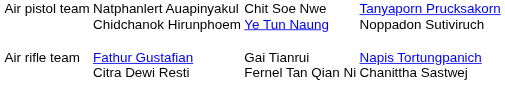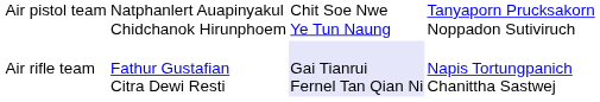 <table>
 <tr>
 <td>Air pistol team</td>
 <td nowrap><br>Natphanlert Auapinyakul<br>Chidchanok Hirunphoem</td>
 <td><br>Chit Soe Nwe<br><a href='#'>Ye Tun Naung</a></td>
 <td nowrap><br><a href='#'>Tanyaporn Prucksakorn</a><br>Noppadon Sutiviruch</td>
 </tr>
 <tr>
 <td>Air rifle team</td>
 <td><br><a href='#'>Fathur Gustafian</a><br>Citra Dewi Resti</td>
-<td nowrap><br>Gai Tianrui<br>Fernel Tan Qian Ni</td>
+<td nowrap style="background: lavender;"><br>Gai Tianrui<br>Fernel Tan Qian Ni</td>
 <td><br><a href='#'>Napis Tortungpanich</a><br>Chanittha Sastwej</td>
 </tr>
 </table>
